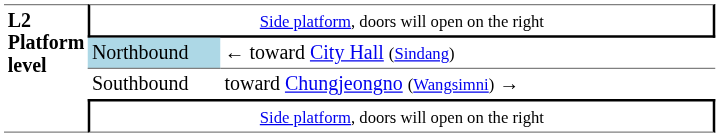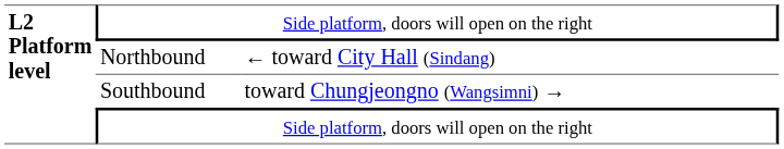 <table table border=0 cellspacing=0 cellpadding=3>
 <tr>
 <td style="border-top:solid 1px gray;border-bottom:solid 1px gray;" width=50 rowspan=10 valign=top><strong>L2<br>Platform level</strong></td>
 <td style="border-top:solid 1px gray;border-right:solid 2px black;border-left:solid 2px black;border-bottom:solid 2px black;text-align:center;" colspan=2><small><a href='#'>Side platform</a>, doors will open on the right </small></td>
 </tr>
 <tr>
-<td style="background: lightblue; border-bottom:solid 1px gray;" width=100>Northbound</td>
+<td style="border-bottom:solid 1px gray;" width=100>Northbound</td>
 <td style="border-bottom:solid 1px gray;" width=390>←  toward <a href='#'>City Hall</a> <small>(<a href='#'>Sindang</a>)</small></td>
 </tr>
 <tr>
 <td>Southbound</td>
 <td>  toward <a href='#'>Chungjeongno</a> <small>(<a href='#'>Wangsimni</a>)</small> →</td>
 </tr>
 <tr>
 <td style="border-top:solid 2px black;border-right:solid 2px black;border-left:solid 2px black;border-bottom:solid 1px gray;text-align:center;" colspan=2><small><a href='#'>Side platform</a>, doors will open on the right </small></td>
 </tr>
 </table>
